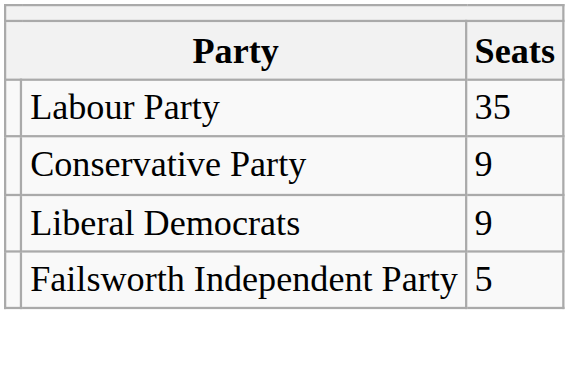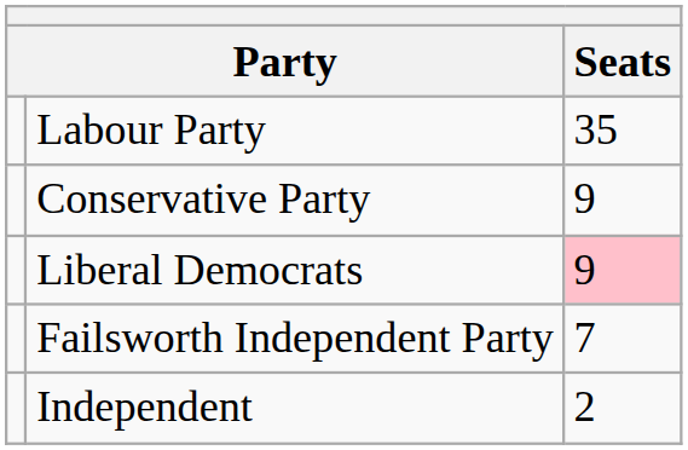 <table class="wikitable">
 <tr>
 <th colspan="3"></th>
 </tr>
 <tr>
 <th colspan="2">Party</th>
 <th>Seats</th>
 </tr>
 <tr>
 <td style="color:inherit;background:"></td>
 <td>Labour Party</td>
 <td>35</td>
 </tr>
 <tr>
 <td style="color:inherit;background:"></td>
 <td>Conservative Party</td>
 <td>9</td>
 </tr>
 <tr>
 <td style="color:inherit;background:"></td>
 <td>Liberal Democrats</td>
-<td>9</td>
+<td style="background: pink;">9</td>
 </tr>
 <tr>
 <td style="color:inherit;background:"></td>
 <td>Failsworth Independent Party</td>
-<td>5</td>
+<td>7</td>
+</tr>
+<tr>
+<td style="color:inherit;background:"></td>
+<td>Independent</td>
+<td>2</td>
 </tr>
 </table>
